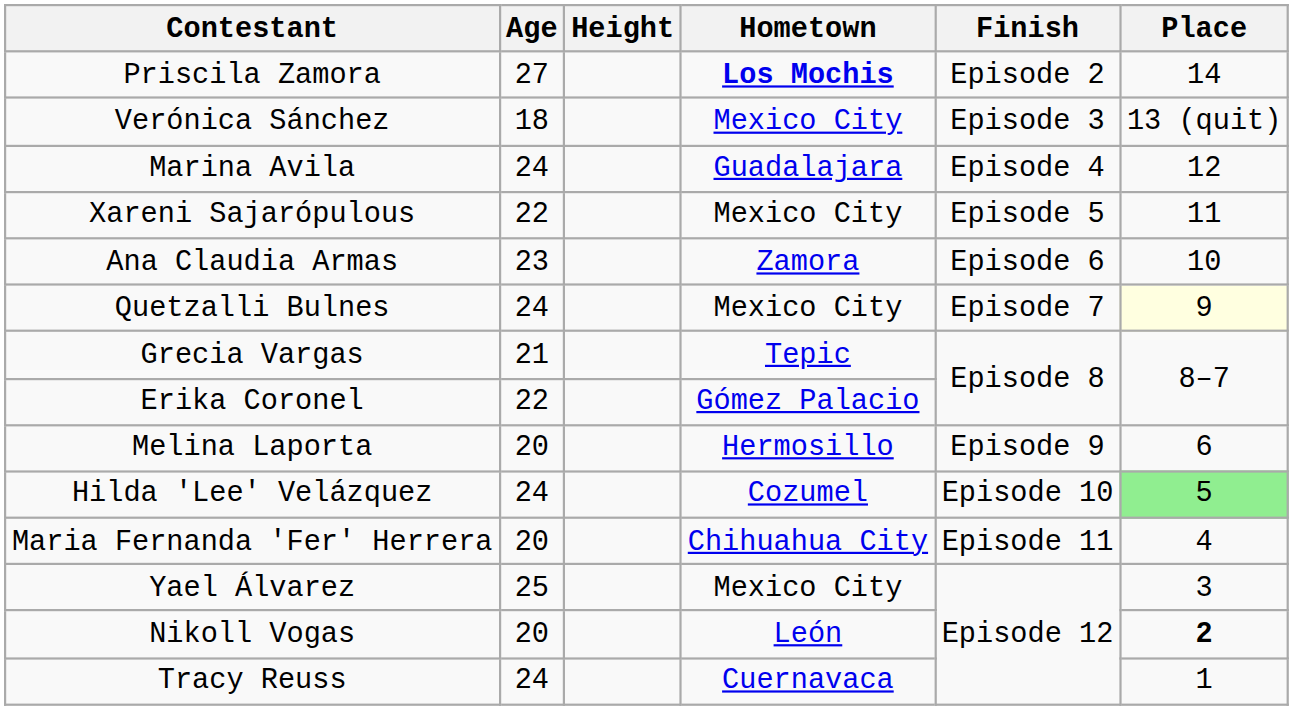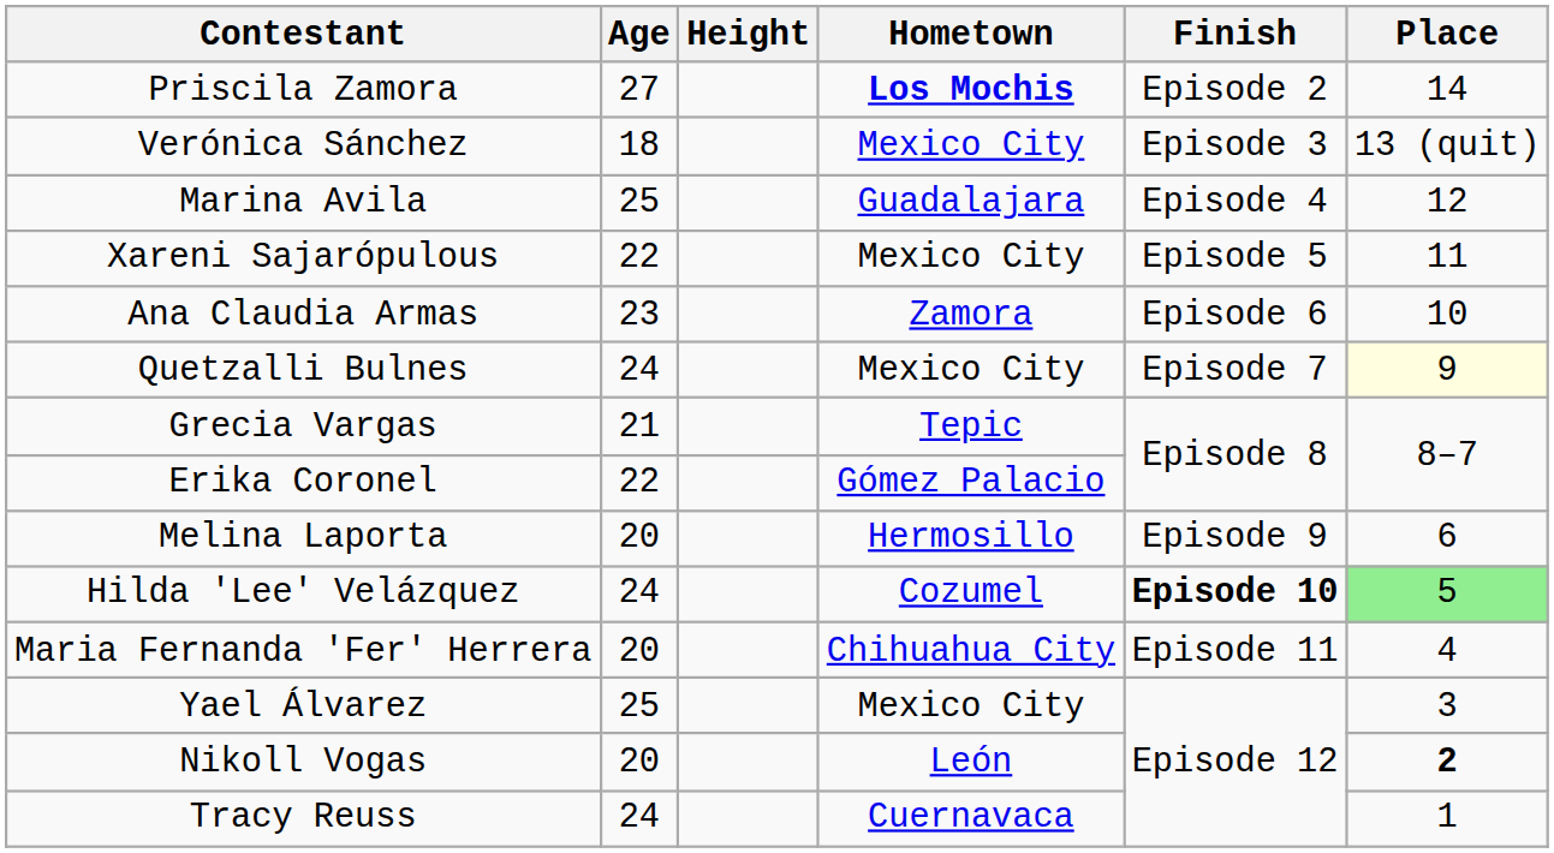 <table class="wikitable sortable" style="text-align:center;">
 <tr>
 <th>Contestant</th>
 <th>Age</th>
 <th>Height</th>
 <th>Hometown</th>
 <th>Finish</th>
 <th>Place</th>
 </tr>
 <tr>
 <td>Priscila Zamora</td>
 <td>27</td>
 <td></td>
 <td><strong><a href='#'>Los Mochis</a></strong></td>
 <td>Episode 2</td>
 <td>14</td>
 </tr>
 <tr>
 <td>Verónica Sánchez</td>
 <td>18</td>
 <td></td>
 <td><a href='#'>Mexico City</a></td>
 <td>Episode 3</td>
 <td>13 (quit)</td>
 </tr>
 <tr>
 <td>Marina Avila</td>
-<td>24</td>
+<td>25</td>
 <td></td>
 <td><a href='#'>Guadalajara</a></td>
 <td>Episode 4</td>
 <td>12</td>
 </tr>
 <tr>
 <td>Xareni Sajarópulous</td>
 <td>22</td>
 <td></td>
 <td>Mexico City</td>
 <td>Episode 5</td>
 <td>11</td>
 </tr>
 <tr>
 <td>Ana Claudia Armas</td>
 <td>23</td>
 <td></td>
 <td><a href='#'>Zamora</a></td>
 <td>Episode 6</td>
 <td>10</td>
 </tr>
 <tr>
 <td>Quetzalli Bulnes</td>
 <td>24</td>
 <td></td>
 <td>Mexico City</td>
 <td>Episode 7</td>
 <td style="background: lightyellow;">9</td>
 </tr>
 <tr>
 <td>Grecia Vargas</td>
 <td>21</td>
 <td></td>
 <td><a href='#'>Tepic</a></td>
 <td rowspan="2">Episode 8</td>
 <td rowspan="2">8–7</td>
 </tr>
 <tr>
 <td>Erika Coronel</td>
 <td>22</td>
 <td></td>
 <td><a href='#'>Gómez Palacio</a></td>
 </tr>
 <tr>
 <td>Melina Laporta</td>
 <td>20</td>
 <td></td>
 <td><a href='#'>Hermosillo</a></td>
 <td>Episode 9</td>
 <td>6</td>
 </tr>
 <tr>
 <td>Hilda 'Lee' Velázquez</td>
 <td>24</td>
 <td></td>
 <td><a href='#'>Cozumel</a></td>
-<td>Episode 10</td>
+<td><strong>Episode 10</strong></td>
 <td style="background: lightgreen;">5</td>
 </tr>
 <tr>
 <td>Maria Fernanda 'Fer' Herrera</td>
 <td>20</td>
 <td></td>
 <td><a href='#'>Chihuahua City</a></td>
 <td>Episode 11</td>
 <td>4</td>
 </tr>
 <tr>
 <td>Yael Álvarez</td>
 <td>25</td>
 <td></td>
 <td>Mexico City</td>
 <td rowspan="3">Episode 12</td>
 <td>3</td>
 </tr>
 <tr>
 <td>Nikoll Vogas</td>
 <td>20</td>
 <td></td>
 <td><a href='#'>León</a></td>
 <td><strong>2</strong></td>
 </tr>
 <tr>
 <td>Tracy Reuss</td>
 <td>24</td>
 <td></td>
 <td><a href='#'>Cuernavaca</a></td>
 <td>1</td>
 </tr>
 </table>
